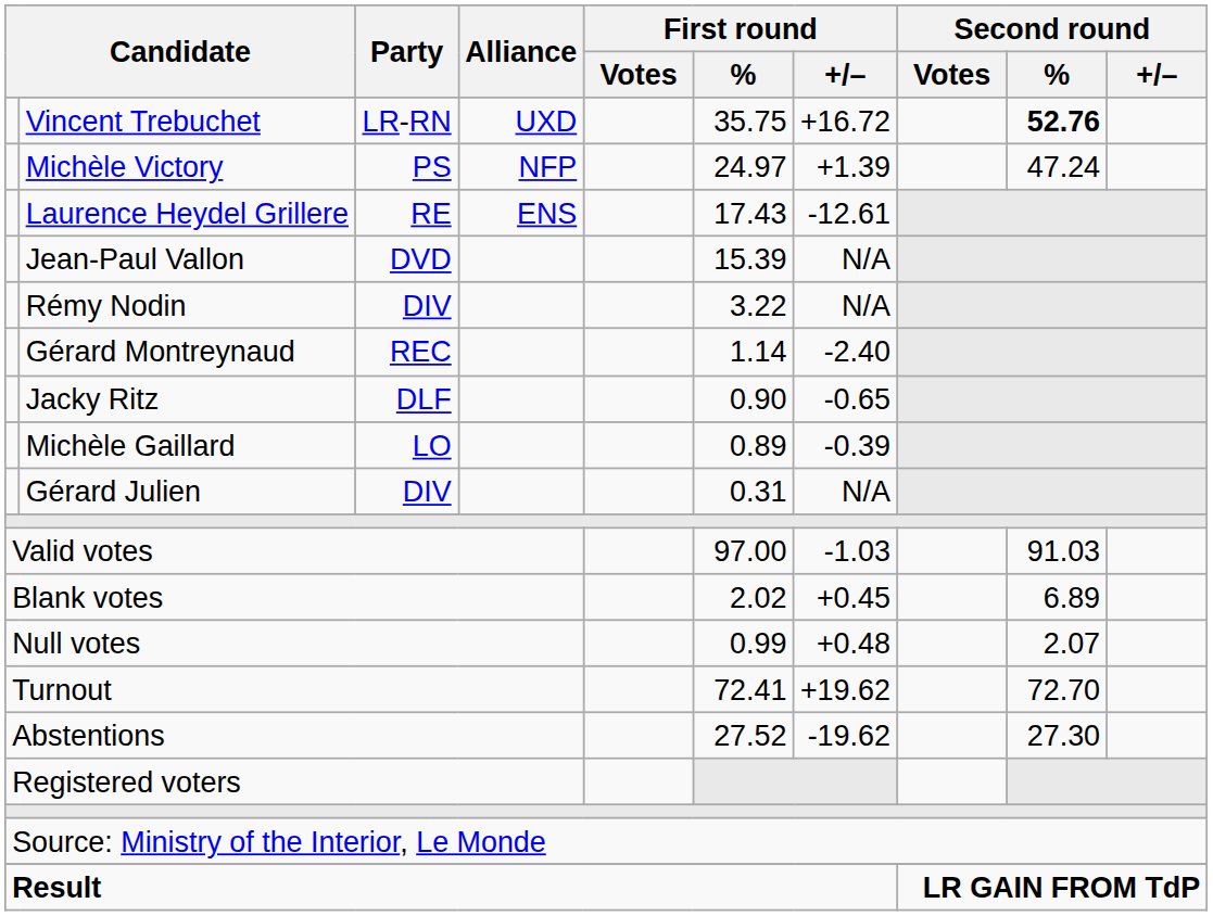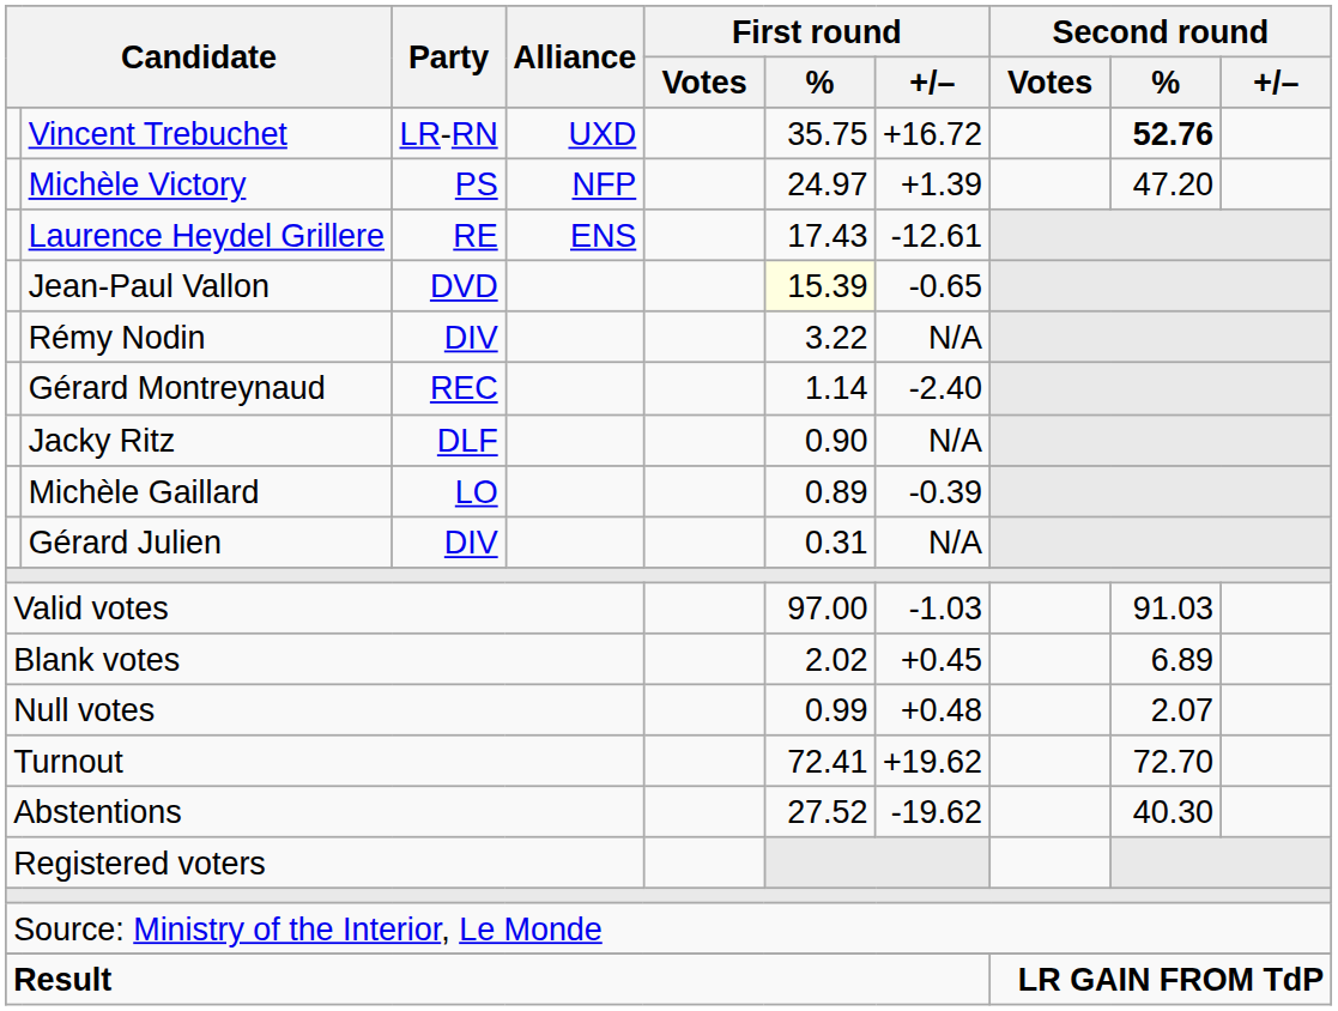 <table class="wikitable" style="text-align:right;font-size:95%;">
 <tr>
 <th rowspan="2" colspan="2">Candidate</th>
 <th rowspan="2">Party</th>
 <th rowspan="2">Alliance</th>
 <th colspan="3">First round</th>
 <th colspan="3">Second round</th>
 </tr>
 <tr>
 <th style="width:50px;">Votes</th>
 <th style="width:45px;">%</th>
 <th style="width:45px;">+/–</th>
 <th style="width:50px;">Votes</th>
 <th style="width:45px;">%</th>
 <th style="width:45px;">+/–</th>
 </tr>
 <tr>
 <td style="color:inherit;background:"></td>
 <td style="text-align:left;"><a href='#'>Vincent Trebuchet</a></td>
 <td><a href='#'>LR</a>-<a href='#'>RN</a></td>
 <td><a href='#'>UXD</a></td>
 <td></td>
 <td>35.75</td>
 <td>+16.72</td>
 <td><strong></strong></td>
 <td><strong>52.76</strong></td>
 <td></td>
 </tr>
 <tr>
 <td style="color:inherit;background:"></td>
 <td style="text-align:left;"><a href='#'>Michèle Victory</a></td>
 <td><a href='#'>PS</a></td>
 <td><a href='#'>NFP</a></td>
 <td></td>
 <td>24.97</td>
 <td>+1.39</td>
 <td></td>
-<td>47.24</td>
+<td>47.20</td>
 <td></td>
 </tr>
 <tr>
 <td style="color:inherit;background:"></td>
 <td style="text-align:left;"><a href='#'>Laurence Heydel Grillere</a></td>
 <td><a href='#'>RE</a></td>
 <td><a href='#'>ENS</a></td>
 <td></td>
 <td>17.43</td>
 <td>-12.61</td>
 <td colspan="3" style="background:#E9E9E9;"></td>
 </tr>
 <tr>
 <td style="color:inherit;background:"></td>
 <td style="text-align:left;">Jean-Paul Vallon</td>
 <td><a href='#'>DVD</a></td>
 <td></td>
 <td></td>
-<td>15.39</td>
-<td>N/A</td>
+<td style="background: lightyellow;">15.39</td>
+<td>-0.65</td>
 <td colspan="3" style="background:#E9E9E9;"></td>
 </tr>
 <tr>
 <td style="color:inherit;background:"></td>
 <td style="text-align:left;">Rémy Nodin</td>
 <td><a href='#'>DIV</a></td>
 <td></td>
 <td></td>
 <td>3.22</td>
 <td>N/A</td>
 <td colspan="3" style="background:#E9E9E9;"></td>
 </tr>
 <tr>
 <td style="color:inherit;background:"></td>
 <td style="text-align:left;">Gérard Montreynaud</td>
 <td><a href='#'>REC</a></td>
 <td></td>
 <td></td>
 <td>1.14</td>
 <td>-2.40</td>
 <td colspan="3" style="background:#E9E9E9;"></td>
 </tr>
 <tr>
 <td style="color:inherit;background:"></td>
 <td style="text-align:left;">Jacky Ritz</td>
 <td><a href='#'>DLF</a></td>
 <td></td>
 <td></td>
 <td>0.90</td>
-<td>-0.65</td>
+<td>N/A</td>
 <td colspan="3" style="background:#E9E9E9;"></td>
 </tr>
 <tr>
 <td style="color:inherit;background:"></td>
 <td style="text-align:left;">Michèle Gaillard</td>
 <td><a href='#'>LO</a></td>
 <td></td>
 <td></td>
 <td>0.89</td>
 <td>-0.39</td>
 <td colspan="3" style="background:#E9E9E9;"></td>
 </tr>
 <tr>
 <td style="color:inherit;background:"></td>
 <td style="text-align:left;">Gérard Julien</td>
 <td><a href='#'>DIV</a></td>
 <td></td>
 <td></td>
 <td>0.31</td>
 <td>N/A</td>
 <td colspan="3" style="background:#E9E9E9;"></td>
 </tr>
 <tr>
 <td colspan="10" style="background:#E9E9E9;"></td>
 </tr>
 <tr>
 <td colspan="4" style="text-align:left;">Valid votes</td>
 <td></td>
 <td>97.00</td>
 <td>-1.03</td>
 <td></td>
 <td>91.03</td>
 <td></td>
 </tr>
 <tr>
 <td colspan="4" style="text-align:left;">Blank votes</td>
 <td></td>
 <td>2.02</td>
 <td>+0.45</td>
 <td></td>
 <td>6.89</td>
 <td></td>
 </tr>
 <tr>
 <td colspan="4" style="text-align:left;">Null votes</td>
 <td></td>
 <td>0.99</td>
 <td>+0.48</td>
 <td></td>
 <td>2.07</td>
 <td></td>
 </tr>
 <tr>
 <td colspan="4" style="text-align:left;">Turnout</td>
 <td></td>
 <td>72.41</td>
 <td>+19.62</td>
 <td></td>
 <td>72.70</td>
 <td></td>
 </tr>
 <tr>
 <td colspan="4" style="text-align:left;">Abstentions</td>
 <td></td>
 <td>27.52</td>
 <td>-19.62</td>
 <td></td>
-<td>27.30</td>
+<td>40.30</td>
 <td></td>
 </tr>
 <tr>
 <td colspan="4" style="text-align:left;">Registered voters</td>
 <td></td>
 <td colspan="2" style="background:#E9E9E9;"></td>
 <td></td>
 <td colspan="2" style="background:#E9E9E9;"></td>
 </tr>
 <tr>
 <td colspan="10" style="background:#E9E9E9;"></td>
 </tr>
 <tr>
 <td colspan="10" style="text-align:left;">Source: <a href='#'>Ministry of the Interior</a>, <a href='#'>Le Monde</a></td>
 </tr>
 <tr>
 </tr>
 <tr style="font-weight:bold">
 <td colspan="7" style="text-align:left;">Result</td>
 <td colspan="7" style="background-color:">LR GAIN FROM TdP</td>
 </tr>
 </table>
